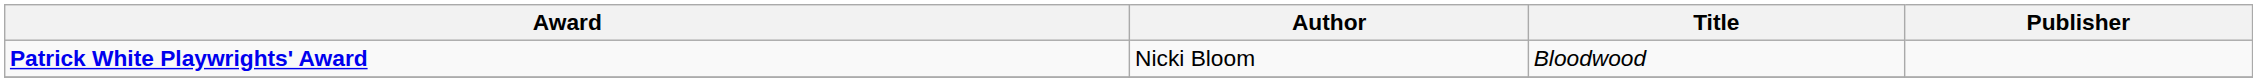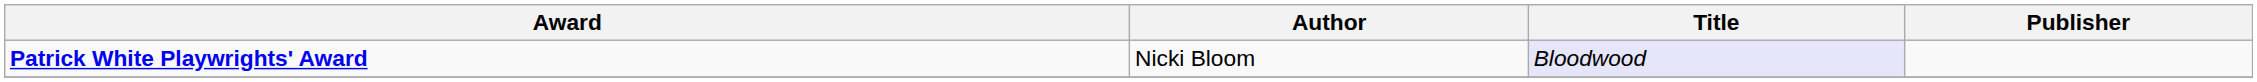 <table class="wikitable" width=100%>
 <tr>
 <th>Award</th>
 <th>Author</th>
 <th>Title</th>
 <th>Publisher</th>
 </tr>
 <tr>
 <td><strong><a href='#'>Patrick White Playwrights' Award</a></strong></td>
 <td>Nicki Bloom</td>
-<td><em>Bloodwood</em></td>
+<td style="background: lavender;"><em>Bloodwood</em></td>
 <td></td>
 </tr>
 <tr>
 </tr>
 </table>
